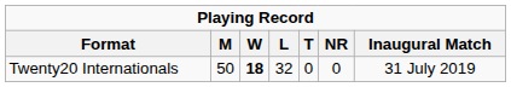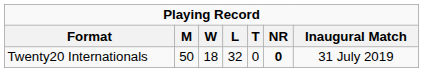 <table class="wikitable" style="text-align: center; width: 500px;">
 <tr>
 <td colspan=7 align="center"><strong>Playing Record</strong></td>
 </tr>
 <tr>
 <th>Format</th>
 <th>M</th>
 <th>W</th>
 <th>L</th>
 <th>T</th>
 <th>NR</th>
 <th>Inaugural Match</th>
 </tr>
 <tr>
 <td align="left">Twenty20 Internationals</td>
 <td>50</td>
-<td><strong>18</strong></td>
+<td>18</td>
 <td>32</td>
 <td>0</td>
-<td>0</td>
+<td><strong>0</strong></td>
 <td>31 July 2019</td>
 </tr>
 </table>
